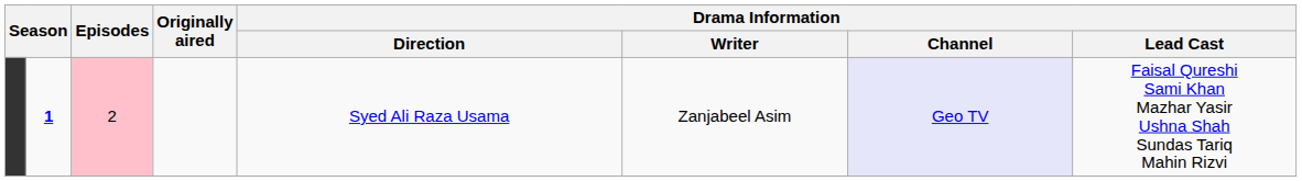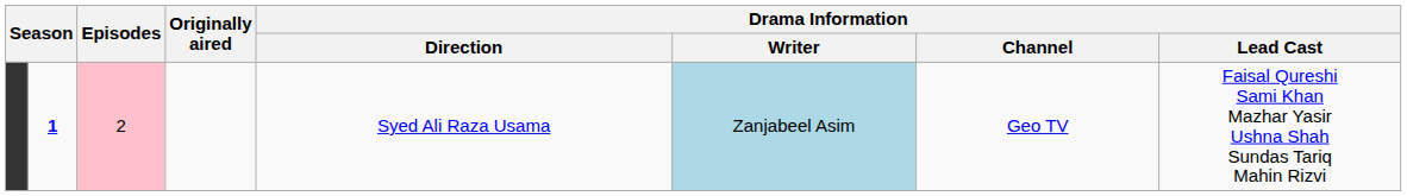 <table class="wikitable" |->
 <tr>
 <th colspan="2" rowspan="2" align="center">Season</th>
 <th align="center" rowspan="2">Episodes</th>
 <th align="center" rowspan="2">Originally aired</th>
 <th colspan="4" align="center">Drama Information</th>
 </tr>
 <tr>
 <th width="35%">Direction</th>
 <th width="20%">Writer</th>
 <th width="20%">Channel</th>
 <th width="20%">Lead Cast</th>
 </tr>
 <tr>
 <td bgcolor="#333" height="10px"></td>
 <td align="center"><strong><a href='#'>1</a></strong></td>
 <td align="center" style="background: pink;">2</td>
 <td align="center"></td>
 <td align="center"><a href='#'>Syed Ali Raza Usama</a></td>
-<td align="center">Zanjabeel Asim</td>
-<td align="center" style="background: lavender;"><a href='#'>Geo TV</a></td>
+<td align="center" style="background: lightblue;">Zanjabeel Asim</td>
+<td align="center"><a href='#'>Geo TV</a></td>
 <td align="center"><a href='#'>Faisal Qureshi</a><br><a href='#'>Sami Khan</a><br>Mazhar Yasir<br><a href='#'>Ushna Shah</a><br>Sundas Tariq<br>Mahin Rizvi</td>
 </tr>
 <tr>
 </tr>
 </table>
